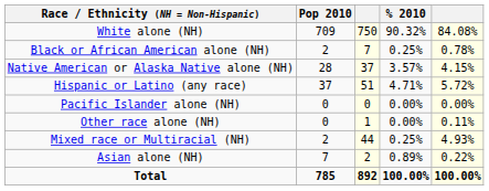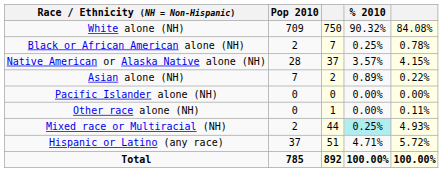 <table class="wikitable" style="text-align:center;">
 <tr>
 <th>Race / Ethnicity <small>(<em>NH = Non-Hispanic</em>)</small></th>
 <th>Pop 2010</th>
 <th></th>
 <th>% 2010</th>
 <th></th>
 </tr>
 <tr>
 <td><a href='#'>White</a> alone (NH)</td>
 <td>709</td>
 <td style='background: #ffffe6;'>750</td>
 <td>90.32%</td>
 <td style='background: #ffffe6;'>84.08%</td>
 </tr>
 <tr>
 <td><a href='#'>Black or African American</a> alone (NH)</td>
 <td>2</td>
 <td style='background: #ffffe6;'>7</td>
 <td>0.25%</td>
 <td style='background: #ffffe6;'>0.78%</td>
 </tr>
 <tr>
 <td><a href='#'>Native American</a> or <a href='#'>Alaska Native</a> alone (NH)</td>
 <td>28</td>
 <td style='background: #ffffe6;'>37</td>
 <td>3.57%</td>
 <td style='background: #ffffe6;'>4.15%</td>
 </tr>
 <tr>
-<td><a href='#'>Hispanic or Latino</a> (any race)</td>
-<td>37</td>
-<td style='background: #ffffe6;'>51</td>
-<td>4.71%</td>
-<td style='background: #ffffe6;'>5.72%</td>
+<td><a href='#'>Asian</a> alone (NH)</td>
+<td>7</td>
+<td style='background: #ffffe6;'>2</td>
+<td>0.89%</td>
+<td style='background: #ffffe6;'>0.22%</td>
 </tr>
 <tr>
 <td><a href='#'>Pacific Islander</a> alone (NH)</td>
 <td>0</td>
 <td style='background: #ffffe6;'>0</td>
 <td>0.00%</td>
 <td style='background: #ffffe6;'>0.00%</td>
 </tr>
 <tr>
 <td><a href='#'>Other race</a> alone (NH)</td>
 <td>0</td>
 <td style='background: #ffffe6;'>1</td>
 <td>0.00%</td>
 <td style='background: #ffffe6;'>0.11%</td>
 </tr>
 <tr>
 <td><a href='#'>Mixed race or Multiracial</a> (NH)</td>
 <td>2</td>
 <td style='background: #ffffe6;'>44</td>
-<td>0.25%</td>
+<td style="background: paleturquoise;">0.25%</td>
 <td style='background: #ffffe6;'>4.93%</td>
 </tr>
 <tr>
-<td><a href='#'>Asian</a> alone (NH)</td>
-<td>7</td>
-<td style='background: #ffffe6;'>2</td>
-<td>0.89%</td>
-<td style='background: #ffffe6;'>0.22%</td>
+<td><a href='#'>Hispanic or Latino</a> (any race)</td>
+<td>37</td>
+<td style='background: #ffffe6;'>51</td>
+<td>4.71%</td>
+<td style='background: #ffffe6;'>5.72%</td>
 </tr>
 <tr>
 <td><strong>Total</strong></td>
 <td><strong>785</strong></td>
 <td style='background: #ffffe6;'><strong>892</strong></td>
 <td><strong>100.00%</strong></td>
 <td style='background: #ffffe6;'><strong>100.00%</strong></td>
 </tr>
 </table>
